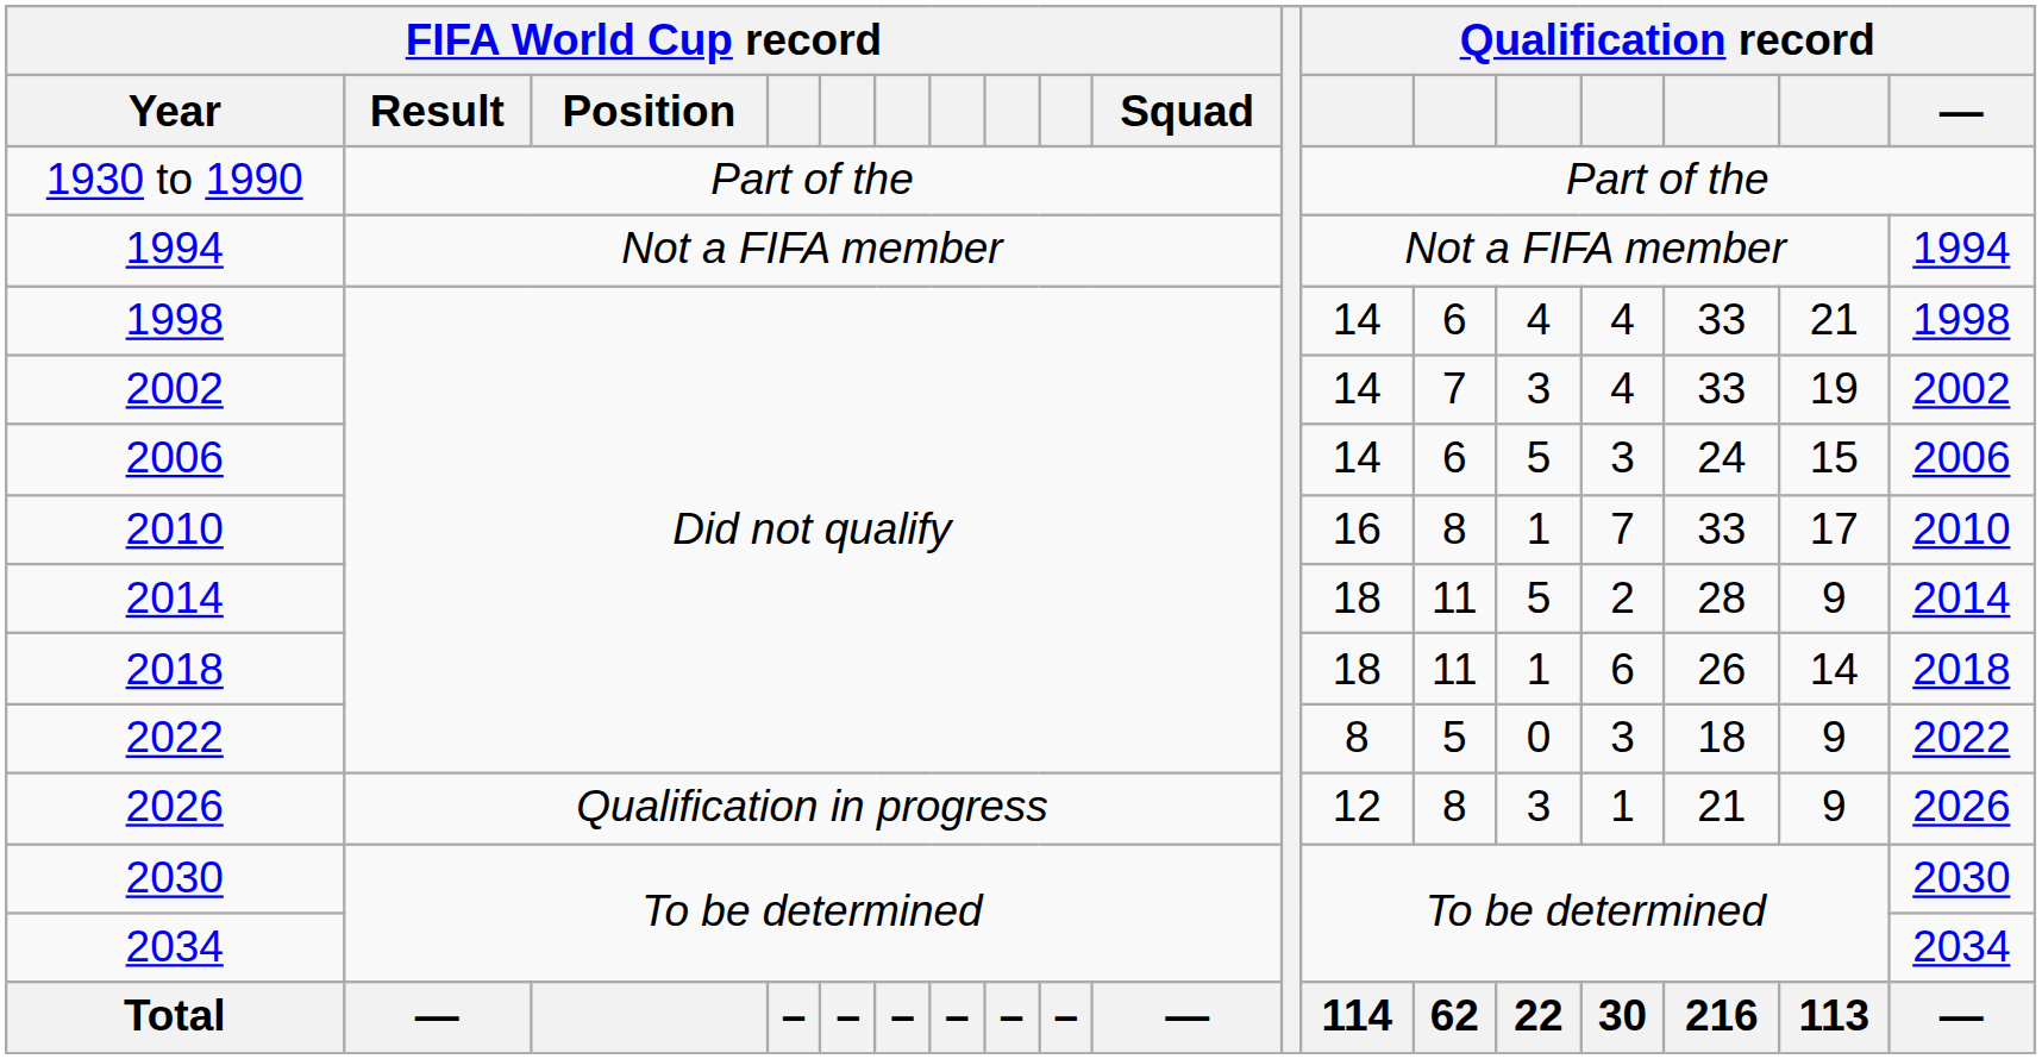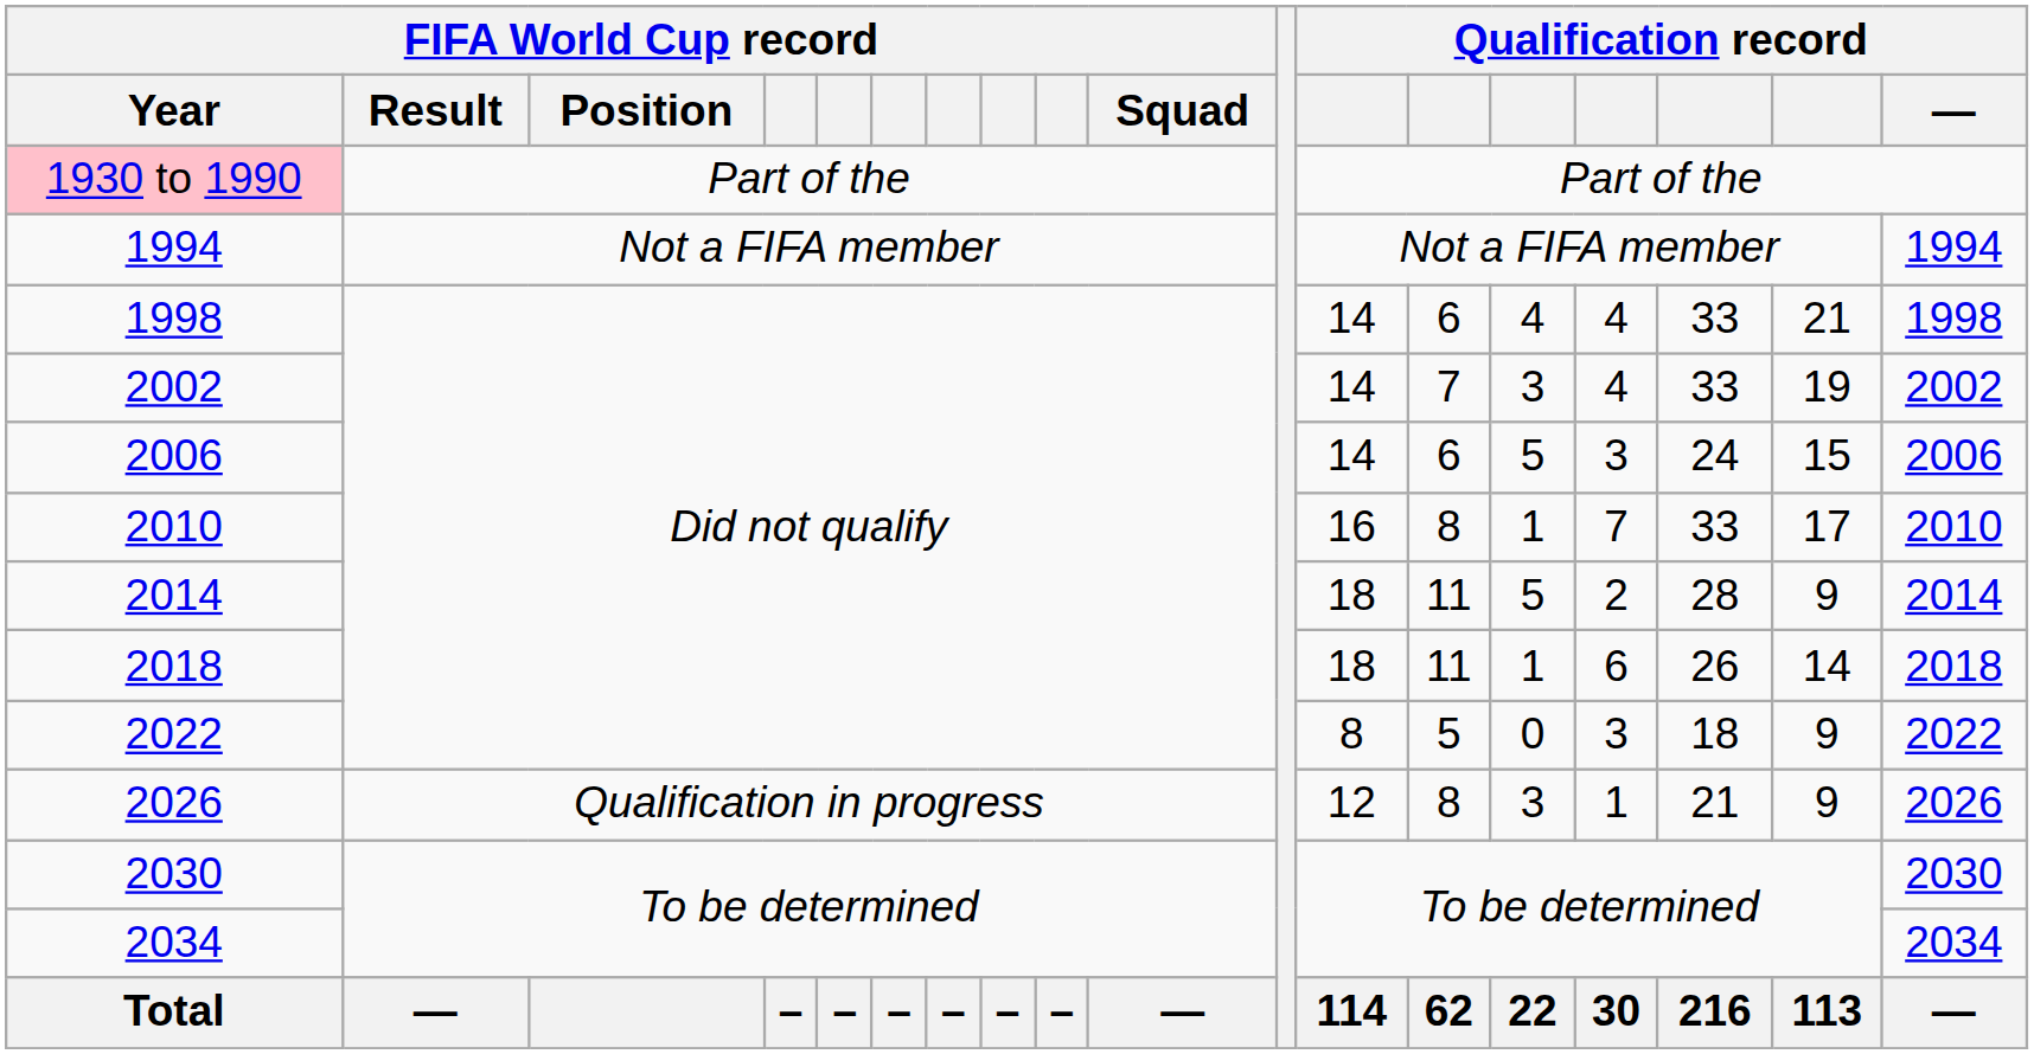 <table class="wikitable" style="text-align: center;">
 <tr>
 <th colspan=10><a href='#'>FIFA World Cup</a> record</th>
 <th width=1% rowspan=15></th>
 <th colspan=7><a href='#'>Qualification</a> record</th>
 </tr>
 <tr>
 <th>Year</th>
 <th>Result</th>
 <th>Position</th>
 <th></th>
 <th></th>
 <th></th>
 <th></th>
 <th></th>
 <th></th>
 <th>Squad</th>
 <th></th>
 <th></th>
 <th></th>
 <th></th>
 <th></th>
 <th></th>
 <th>—</th>
 </tr>
 <tr>
-<td><a href='#'>1930</a> to <a href='#'>1990</a></td>
+<td style="background: pink;"><a href='#'>1930</a> to <a href='#'>1990</a></td>
 <td colspan=9><em>Part of the </em></td>
 <td colspan=7><em>Part of the </em></td>
 </tr>
 <tr>
 <td> <a href='#'>1994</a></td>
 <td colspan=9><em>Not a FIFA member</em></td>
 <td colspan=6><em>Not a FIFA member</em></td>
 <td><a href='#'>1994</a></td>
 </tr>
 <tr>
 <td> <a href='#'>1998</a></td>
 <td colspan=9 rowspan=7><em>Did not qualify</em></td>
 <td>14</td>
 <td>6</td>
 <td>4</td>
 <td>4</td>
 <td>33</td>
 <td>21</td>
 <td><a href='#'>1998</a></td>
 </tr>
 <tr>
 <td>  <a href='#'>2002</a></td>
 <td>14</td>
 <td>7</td>
 <td>3</td>
 <td>4</td>
 <td>33</td>
 <td>19</td>
 <td><a href='#'>2002</a></td>
 </tr>
 <tr>
 <td> <a href='#'>2006</a></td>
 <td>14</td>
 <td>6</td>
 <td>5</td>
 <td>3</td>
 <td>24</td>
 <td>15</td>
 <td><a href='#'>2006</a></td>
 </tr>
 <tr>
 <td> <a href='#'>2010</a></td>
 <td>16</td>
 <td>8</td>
 <td>1</td>
 <td>7</td>
 <td>33</td>
 <td>17</td>
 <td><a href='#'>2010</a></td>
 </tr>
 <tr>
 <td> <a href='#'>2014</a></td>
 <td>18</td>
 <td>11</td>
 <td>5</td>
 <td>2</td>
 <td>28</td>
 <td>9</td>
 <td><a href='#'>2014</a></td>
 </tr>
 <tr>
 <td> <a href='#'>2018</a></td>
 <td>18</td>
 <td>11</td>
 <td>1</td>
 <td>6</td>
 <td>26</td>
 <td>14</td>
 <td><a href='#'>2018</a></td>
 </tr>
 <tr>
 <td> <a href='#'>2022</a></td>
 <td>8</td>
 <td>5</td>
 <td>0</td>
 <td>3</td>
 <td>18</td>
 <td>9</td>
 <td><a href='#'>2022</a></td>
 </tr>
 <tr>
 <td>   <a href='#'>2026</a></td>
 <td colspan=9><em>Qualification in progress</em></td>
 <td>12</td>
 <td>8</td>
 <td>3</td>
 <td>1</td>
 <td>21</td>
 <td>9</td>
 <td><a href='#'>2026</a></td>
 </tr>
 <tr>
 <td>   <a href='#'>2030</a></td>
 <td colspan=9 rowspan=2><em>To be determined</em></td>
 <td colspan=6 rowspan=2><em>To be determined</em></td>
 <td><a href='#'>2030</a></td>
 </tr>
 <tr>
 <td> <a href='#'>2034</a></td>
 <td><a href='#'>2034</a></td>
 </tr>
 <tr>
 <th>Total</th>
 <th>—</th>
 <th></th>
 <th>–</th>
 <th>–</th>
 <th>–</th>
 <th>–</th>
 <th>–</th>
 <th>–</th>
 <th>—</th>
 <th>114</th>
 <th>62</th>
 <th>22</th>
 <th>30</th>
 <th>216</th>
 <th>113</th>
 <th>—</th>
 </tr>
 </table>
